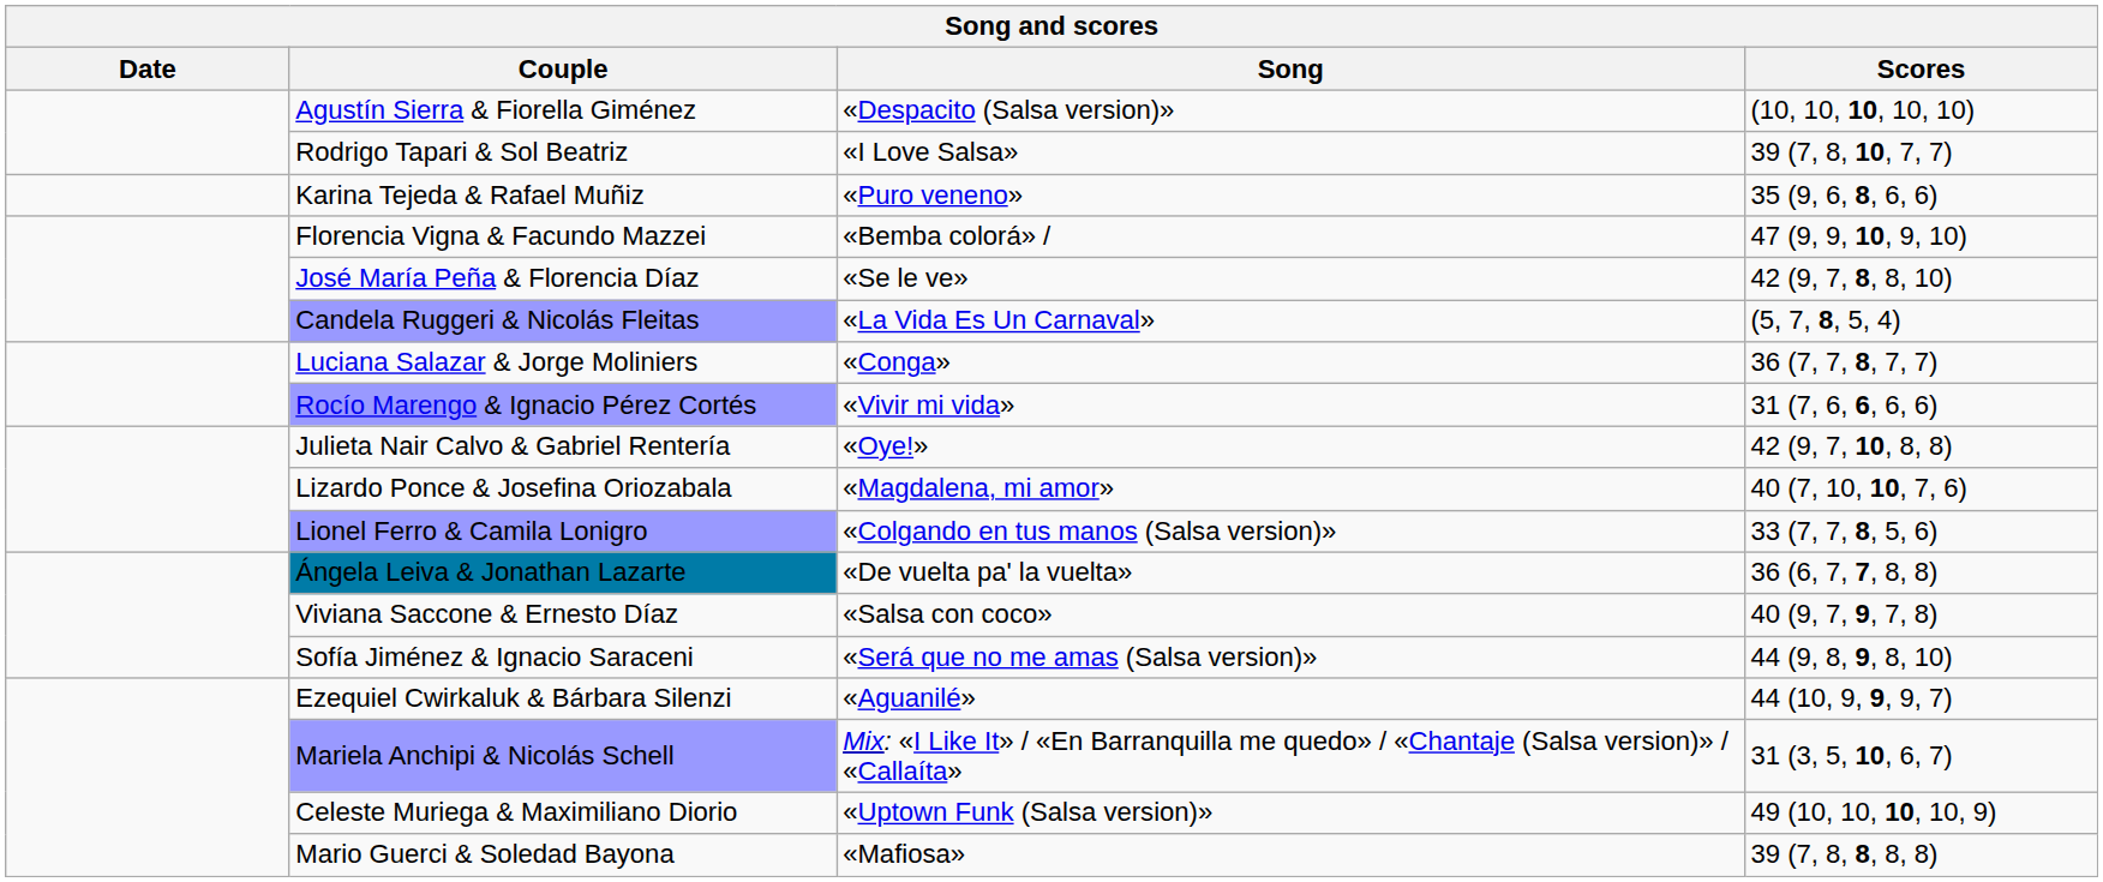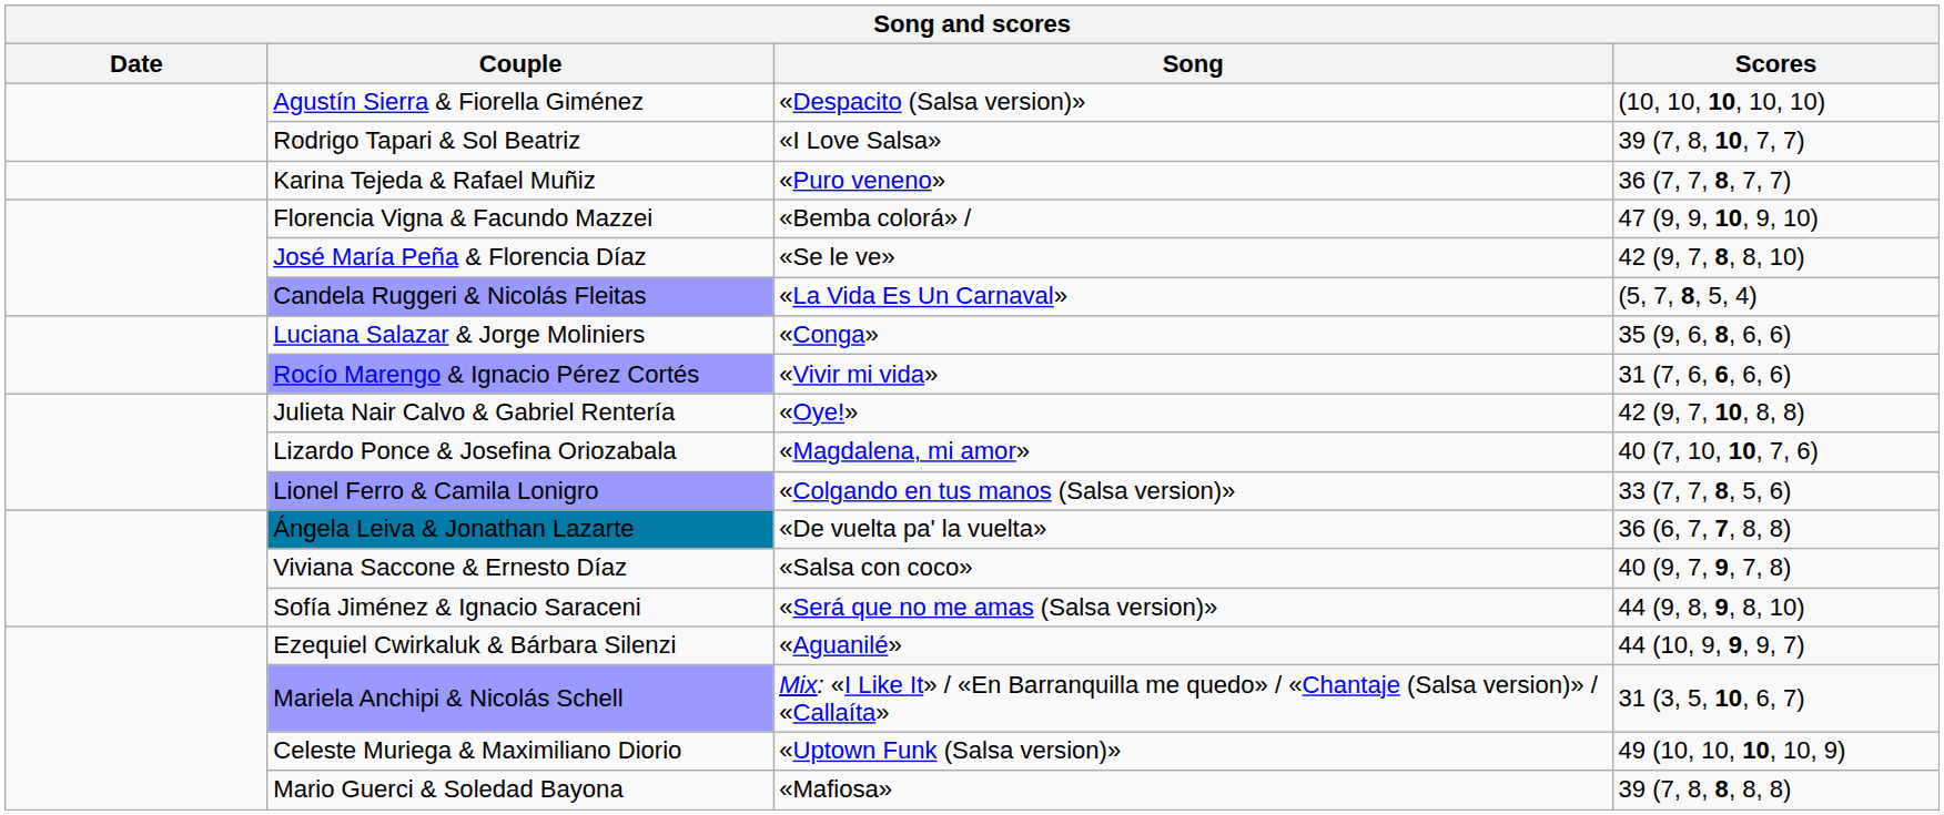 <table class="wikitable collapsible collapsed" style="text-align: align; width: 100%;">
 <tr>
 <th colspan="11" style="with: 100%;" align="center">Song and scores</th>
 </tr>
 <tr>
 <th width=95>Date</th>
 <th width=190>Couple<br></th>
 <th width=320>Song</th>
 <th width=120>Scores</th>
 </tr>
 <tr>
 <td rowspan="2"></td>
 <td><a href='#'>Agustín Sierra</a> & Fiorella Giménez<br></td>
 <td>«<a href='#'>Despacito</a> (Salsa version)» </td>
 <td> (10, 10, <strong>10</strong>, 10, 10)</td>
 </tr>
 <tr>
 <td>Rodrigo Tapari & Sol Beatriz<br></td>
 <td>«I Love Salsa» </td>
 <td>39 (7, 8, <strong>10</strong>, 7, 7)</td>
 </tr>
 <tr>
 <td></td>
 <td>Karina Tejeda & Rafael Muñiz<br></td>
 <td>«<a href='#'>Puro veneno</a>» </td>
-<td>35 (9, 6, <strong>8</strong>, 6, 6)</td>
+<td>36 (7, 7, <strong>8</strong>, 7, 7)</td>
 </tr>
 <tr>
 <td rowspan="3"></td>
 <td>Florencia Vigna & Facundo Mazzei<br></td>
 <td>«Bemba colorá»  / </td>
 <td>47 (9, 9, <strong>10</strong>, 9, 10)</td>
 </tr>
 <tr>
 <td><a href='#'>José María Peña</a> & Florencia Díaz<br></td>
 <td>«Se le ve» </td>
 <td>42 (9, 7, <strong>8</strong>, 8, 10)</td>
 </tr>
 <tr>
 <td bgcolor="#9999FF">Candela Ruggeri & Nicolás Fleitas<br></td>
 <td>«<a href='#'>La Vida Es Un Carnaval</a>» </td>
 <td> (5, 7, <strong>8</strong>, 5, 4)</td>
 </tr>
 <tr>
 <td rowspan="2"></td>
 <td><a href='#'>Luciana Salazar</a> & Jorge Moliniers<br></td>
 <td>«<a href='#'>Conga</a>» </td>
-<td>36 (7, 7, <strong>8</strong>, 7, 7)</td>
+<td>35 (9, 6, <strong>8</strong>, 6, 6)</td>
 </tr>
 <tr>
 <td bgcolor="#9999FF"><a href='#'>Rocío Marengo</a> & Ignacio Pérez Cortés<br></td>
 <td>«<a href='#'>Vivir mi vida</a>» </td>
 <td>31 (7, 6, <strong>6</strong>, 6, 6)</td>
 </tr>
 <tr>
 <td rowspan="3"></td>
 <td>Julieta Nair Calvo & Gabriel Rentería<br></td>
 <td>«<a href='#'>Oye!</a>» </td>
 <td>42 (9, 7, <strong>10</strong>, 8, 8)</td>
 </tr>
 <tr>
 <td>Lizardo Ponce & Josefina Oriozabala<br></td>
 <td>«<a href='#'>Magdalena, mi amor</a>» </td>
 <td>40 (7, 10, <strong>10</strong>, 7, 6)</td>
 </tr>
 <tr>
 <td bgcolor="#9999FF">Lionel Ferro & Camila Lonigro<br></td>
 <td>«<a href='#'>Colgando en tus manos</a> (Salsa version)» </td>
 <td>33 (7, 7, <strong>8</strong>, 5, 6)</td>
 </tr>
 <tr>
 <td rowspan="3"></td>
 <td bgcolor="#007BA7">Ángela Leiva & Jonathan Lazarte<br></td>
 <td>«De vuelta pa' la vuelta» </td>
 <td>36 (6, 7, <strong>7</strong>, 8, 8)</td>
 </tr>
 <tr>
 <td>Viviana Saccone & Ernesto Díaz<br></td>
 <td>«Salsa con coco» </td>
 <td>40 (9, 7, <strong>9</strong>, 7, 8)</td>
 </tr>
 <tr>
 <td>Sofía Jiménez & Ignacio Saraceni<br></td>
 <td>«<a href='#'>Será que no me amas</a> (Salsa version)» </td>
 <td>44 (9, 8, <strong>9</strong>, 8, 10)</td>
 </tr>
 <tr>
 <td rowspan="4"></td>
 <td>Ezequiel Cwirkaluk & Bárbara Silenzi<br></td>
 <td>«<a href='#'>Aguanilé</a>» </td>
 <td>44 (10, 9, <strong>9</strong>, 9, 7)</td>
 </tr>
 <tr>
 <td bgcolor="#9999FF">Mariela Anchipi & Nicolás Schell<br></td>
 <td><em><u><a href='#'>Mix</a></u>:</em> «<a href='#'>I Like It</a>» / «En Barranquilla me quedo» / «<a href='#'>Chantaje</a> (Salsa version)» / «<a href='#'>Callaíta</a>» </td>
 <td>31 (3, 5, <strong>10</strong>, 6, 7)</td>
 </tr>
 <tr>
 <td>Celeste Muriega & Maximiliano Diorio<br></td>
 <td>«<a href='#'>Uptown Funk</a> (Salsa version)» </td>
 <td>49 (10, 10, <strong>10</strong>, 10, 9)</td>
 </tr>
 <tr>
 <td>Mario Guerci & Soledad Bayona<br></td>
 <td>«Mafiosa» </td>
 <td>39 (7, 8, <strong>8</strong>, 8, 8)</td>
 </tr>
 </table>
